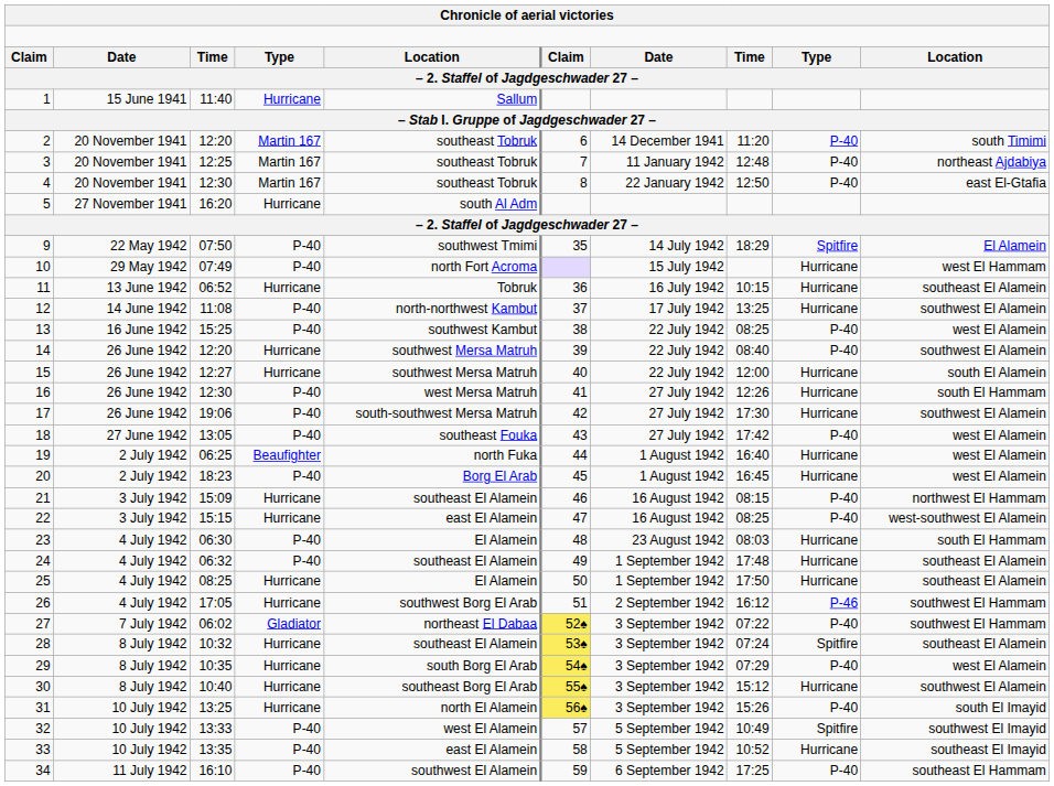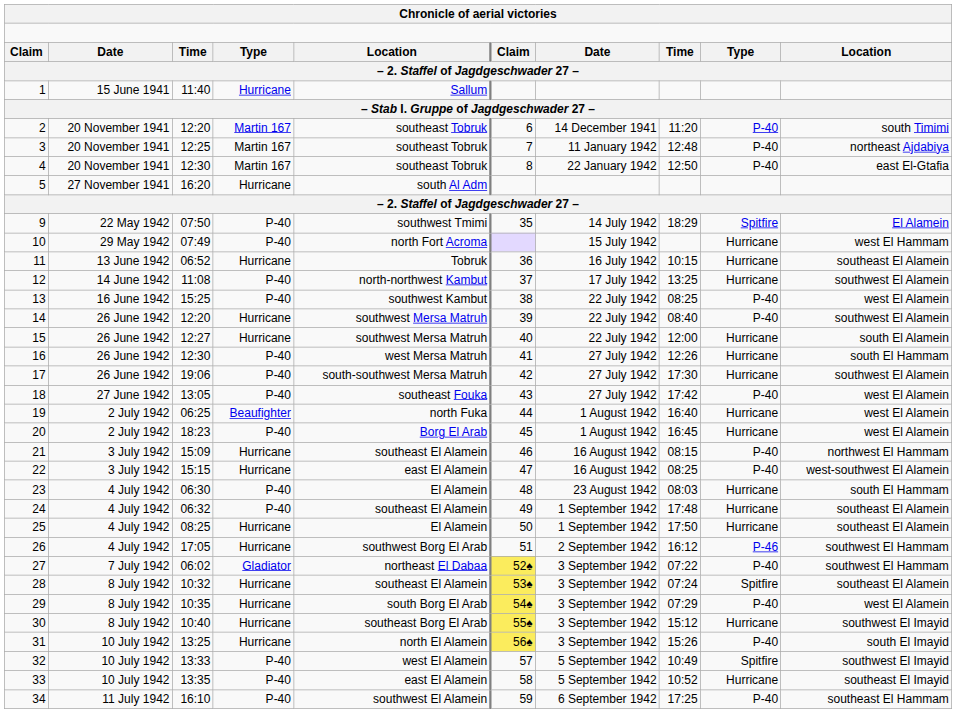 <table class="wikitable plainrowheaders collapsible" style="margin-left: auto; margin-right: auto; border: none; text-align:right; width: 100%;">
 <tr>
 <th colspan="10">Chronicle of aerial victories</th>
 </tr>
 <tr>
 <td colspan="10" style="text-align: left;"><br> </td>
 </tr>
 <tr>
 <th scope="col">Claim</th>
 <th scope="col">Date</th>
 <th scope="col">Time</th>
 <th scope="col" style="width:100px;">Type</th>
 <th scope="col">Location</th>
 <th scope="col" style="border-left:3px solid gray;">Claim</th>
 <th scope="col">Date</th>
 <th scope="col">Time</th>
 <th scope="col" style="width:100px;">Type</th>
 <th scope="col">Location</th>
 </tr>
 <tr>
 <th colspan="10">– 2. <em>Staffel</em> of <em>Jagdgeschwader</em> 27 –</th>
 </tr>
 <tr>
 <td>1</td>
 <td>15 June 1941</td>
 <td>11:40</td>
 <td><a href='#'>Hurricane</a></td>
 <td><a href='#'>Sallum</a></td>
 <td style="border-left:3px solid gray;"></td>
 <td></td>
 <td></td>
 <td></td>
 <td></td>
 </tr>
 <tr>
 <th colspan="10">– <em>Stab</em> I. <em>Gruppe</em> of <em>Jagdgeschwader</em> 27 –</th>
 </tr>
 <tr>
 <td>2</td>
 <td>20 November 1941</td>
 <td>12:20</td>
 <td><a href='#'>Martin 167</a></td>
 <td>southeast <a href='#'>Tobruk</a></td>
 <td style="border-left:3px solid gray;">6</td>
 <td>14 December 1941</td>
 <td>11:20</td>
 <td><a href='#'>P-40</a></td>
 <td>south <a href='#'>Timimi</a></td>
 </tr>
 <tr>
 <td>3</td>
 <td>20 November 1941</td>
 <td>12:25</td>
 <td>Martin 167</td>
 <td>southeast Tobruk</td>
 <td style="border-left:3px solid gray;">7</td>
 <td>11 January 1942</td>
 <td>12:48</td>
 <td>P-40</td>
 <td>northeast <a href='#'>Ajdabiya</a></td>
 </tr>
 <tr>
 <td>4</td>
 <td>20 November 1941</td>
 <td>12:30</td>
 <td>Martin 167</td>
 <td>southeast Tobruk</td>
 <td style="border-left:3px solid gray;">8</td>
 <td>22 January 1942</td>
 <td>12:50</td>
 <td>P-40</td>
 <td>east El-Gtafia</td>
 </tr>
 <tr>
 <td>5</td>
 <td>27 November 1941</td>
 <td>16:20</td>
 <td>Hurricane</td>
 <td>south <a href='#'>Al Adm</a></td>
 <td style="border-left:3px solid gray;"></td>
 <td></td>
 <td></td>
 <td></td>
 <td></td>
 </tr>
 <tr>
 <th colspan="10">– 2. <em>Staffel</em> of <em>Jagdgeschwader</em> 27 –</th>
 </tr>
 <tr>
 <td>9</td>
 <td>22 May 1942</td>
 <td>07:50</td>
 <td>P-40</td>
 <td>southwest Tmimi</td>
 <td style="border-left:3px solid gray;">35</td>
 <td>14 July 1942</td>
 <td>18:29</td>
 <td><a href='#'>Spitfire</a></td>
 <td><a href='#'>El Alamein</a></td>
 </tr>
 <tr>
 <td>10</td>
 <td>29 May 1942</td>
 <td>07:49</td>
 <td>P-40</td>
 <td>north Fort <a href='#'>Acroma</a></td>
 <td style="border-left:3px solid gray; background:#e3d9ff;"></td>
 <td>15 July 1942</td>
 <td></td>
 <td>Hurricane</td>
 <td> west El Hammam</td>
 </tr>
 <tr>
 <td>11</td>
 <td>13 June 1942</td>
 <td>06:52</td>
 <td>Hurricane</td>
 <td>Tobruk</td>
 <td style="border-left:3px solid gray;">36</td>
 <td>16 July 1942</td>
 <td>10:15</td>
 <td>Hurricane</td>
 <td>southeast El Alamein</td>
 </tr>
 <tr>
 <td>12</td>
 <td>14 June 1942</td>
 <td>11:08</td>
 <td>P-40</td>
 <td>north-northwest <a href='#'>Kambut</a></td>
 <td style="border-left:3px solid gray;">37</td>
 <td>17 July 1942</td>
 <td>13:25</td>
 <td>Hurricane</td>
 <td>southwest El Alamein</td>
 </tr>
 <tr>
 <td>13</td>
 <td>16 June 1942</td>
 <td>15:25</td>
 <td>P-40</td>
 <td>southwest Kambut</td>
 <td style="border-left:3px solid gray;">38</td>
 <td>22 July 1942</td>
 <td>08:25</td>
 <td>P-40</td>
 <td>west El Alamein</td>
 </tr>
 <tr>
 <td>14</td>
 <td>26 June 1942</td>
 <td>12:20</td>
 <td>Hurricane</td>
 <td>southwest <a href='#'>Mersa Matruh</a></td>
 <td style="border-left:3px solid gray;">39</td>
 <td>22 July 1942</td>
 <td>08:40</td>
 <td>P-40</td>
 <td>southwest El Alamein</td>
 </tr>
 <tr>
 <td>15</td>
 <td>26 June 1942</td>
 <td>12:27</td>
 <td>Hurricane</td>
 <td> southwest Mersa Matruh</td>
 <td style="border-left:3px solid gray;">40</td>
 <td>22 July 1942</td>
 <td>12:00</td>
 <td>Hurricane</td>
 <td>south El Alamein</td>
 </tr>
 <tr>
 <td>16</td>
 <td>26 June 1942</td>
 <td>12:30</td>
 <td>P-40</td>
 <td>west Mersa Matruh</td>
 <td style="border-left:3px solid gray;">41</td>
 <td>27 July 1942</td>
 <td>12:26</td>
 <td>Hurricane</td>
 <td>south El Hammam</td>
 </tr>
 <tr>
 <td>17</td>
 <td>26 June 1942</td>
 <td>19:06</td>
 <td>P-40</td>
 <td>south-southwest Mersa Matruh</td>
 <td style="border-left:3px solid gray;">42</td>
 <td>27 July 1942</td>
 <td>17:30</td>
 <td>Hurricane</td>
 <td>southwest El Alamein</td>
 </tr>
 <tr>
 <td>18</td>
 <td>27 June 1942</td>
 <td>13:05</td>
 <td>P-40</td>
 <td> southeast <a href='#'>Fouka</a></td>
 <td style="border-left:3px solid gray;">43</td>
 <td>27 July 1942</td>
 <td>17:42</td>
 <td>P-40</td>
 <td>west El Alamein</td>
 </tr>
 <tr>
 <td>19</td>
 <td>2 July 1942</td>
 <td>06:25</td>
 <td><a href='#'>Beaufighter</a></td>
 <td>north Fuka</td>
 <td style="border-left:3px solid gray;">44</td>
 <td>1 August 1942</td>
 <td>16:40</td>
 <td>Hurricane</td>
 <td>west El Alamein</td>
 </tr>
 <tr>
 <td>20</td>
 <td>2 July 1942</td>
 <td>18:23</td>
 <td>P-40</td>
 <td><a href='#'>Borg El Arab</a></td>
 <td style="border-left:3px solid gray;">45</td>
 <td>1 August 1942</td>
 <td>16:45</td>
 <td>Hurricane</td>
 <td>west El Alamein</td>
 </tr>
 <tr>
 <td>21</td>
 <td>3 July 1942</td>
 <td>15:09</td>
 <td>Hurricane</td>
 <td>southeast El Alamein</td>
 <td style="border-left:3px solid gray;">46</td>
 <td>16 August 1942</td>
 <td>08:15</td>
 <td>P-40</td>
 <td>northwest El Hammam</td>
 </tr>
 <tr>
 <td>22</td>
 <td>3 July 1942</td>
 <td>15:15</td>
 <td>Hurricane</td>
 <td>east El Alamein</td>
 <td style="border-left:3px solid gray;">47</td>
 <td>16 August 1942</td>
 <td>08:25</td>
 <td>P-40</td>
 <td>west-southwest El Alamein</td>
 </tr>
 <tr>
 <td>23</td>
 <td>4 July 1942</td>
 <td>06:30</td>
 <td>P-40</td>
 <td>El Alamein</td>
 <td style="border-left:3px solid gray;">48</td>
 <td>23 August 1942</td>
 <td>08:03</td>
 <td>Hurricane</td>
 <td>south El Hammam</td>
 </tr>
 <tr>
 <td>24</td>
 <td>4 July 1942</td>
 <td>06:32</td>
 <td>P-40</td>
 <td>southeast El Alamein</td>
 <td style="border-left:3px solid gray;">49</td>
 <td>1 September 1942</td>
 <td>17:48</td>
 <td>Hurricane</td>
 <td>southeast El Alamein</td>
 </tr>
 <tr>
 <td>25</td>
 <td>4 July 1942</td>
 <td>08:25</td>
 <td>Hurricane</td>
 <td>El Alamein</td>
 <td style="border-left:3px solid gray;">50</td>
 <td>1 September 1942</td>
 <td>17:50</td>
 <td>Hurricane</td>
 <td>southeast El Alamein</td>
 </tr>
 <tr>
 <td>26</td>
 <td>4 July 1942</td>
 <td>17:05</td>
 <td>Hurricane</td>
 <td>southwest Borg El Arab</td>
 <td style="border-left:3px solid gray;">51</td>
 <td>2 September 1942</td>
 <td>16:12</td>
 <td><a href='#'>P-46</a></td>
 <td>southwest El Hammam</td>
 </tr>
 <tr>
 <td>27</td>
 <td>7 July 1942</td>
 <td>06:02</td>
 <td><a href='#'>Gladiator</a></td>
 <td> northeast <a href='#'>El Dabaa</a></td>
 <td style="border-left:3px solid gray; background:#fbec5d;">52♠</td>
 <td>3 September 1942</td>
 <td>07:22</td>
 <td>P-40</td>
 <td>southwest El Hammam</td>
 </tr>
 <tr>
 <td>28</td>
 <td>8 July 1942</td>
 <td>10:32</td>
 <td>Hurricane</td>
 <td>southeast El Alamein</td>
 <td style="border-left:3px solid gray; background:#fbec5d;">53♠</td>
 <td>3 September 1942</td>
 <td>07:24</td>
 <td>Spitfire</td>
 <td>southeast El Alamein</td>
 </tr>
 <tr>
 <td>29</td>
 <td>8 July 1942</td>
 <td>10:35</td>
 <td>Hurricane</td>
 <td>south Borg El Arab</td>
 <td style="border-left:3px solid gray; background:#fbec5d;">54♠</td>
 <td>3 September 1942</td>
 <td>07:29</td>
 <td>P-40</td>
 <td>west El Alamein</td>
 </tr>
 <tr>
 <td>30</td>
 <td>8 July 1942</td>
 <td>10:40</td>
 <td>Hurricane</td>
 <td>southeast Borg El Arab</td>
 <td style="border-left:3px solid gray; background:#fbec5d;">55♠</td>
 <td>3 September 1942</td>
 <td>15:12</td>
 <td>Hurricane</td>
-<td>southwest El Alamein</td>
+<td>southwest El Imayid</td>
 </tr>
 <tr>
 <td>31</td>
 <td>10 July 1942</td>
 <td>13:25</td>
 <td>Hurricane</td>
 <td>north El Alamein</td>
 <td style="border-left:3px solid gray; background:#fbec5d;">56♠</td>
 <td>3 September 1942</td>
 <td>15:26</td>
 <td>P-40</td>
 <td>south El Imayid</td>
 </tr>
 <tr>
 <td>32</td>
 <td>10 July 1942</td>
 <td>13:33</td>
 <td>P-40</td>
 <td>west El Alamein</td>
 <td style="border-left:3px solid gray;">57</td>
 <td>5 September 1942</td>
 <td>10:49</td>
 <td>Spitfire</td>
 <td>southwest El Imayid</td>
 </tr>
 <tr>
 <td>33</td>
 <td>10 July 1942</td>
 <td>13:35</td>
 <td>P-40</td>
 <td>east El Alamein</td>
 <td style="border-left:3px solid gray;">58</td>
 <td>5 September 1942</td>
 <td>10:52</td>
 <td>Hurricane</td>
 <td>southeast El Imayid</td>
 </tr>
 <tr>
 <td>34</td>
 <td>11 July 1942</td>
 <td>16:10</td>
 <td>P-40</td>
 <td>southwest El Alamein</td>
 <td style="border-left:3px solid gray;">59</td>
 <td>6 September 1942</td>
 <td>17:25</td>
 <td>P-40</td>
 <td>southeast El Hammam</td>
 </tr>
 </table>
